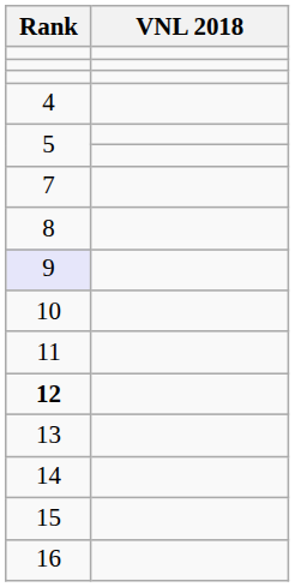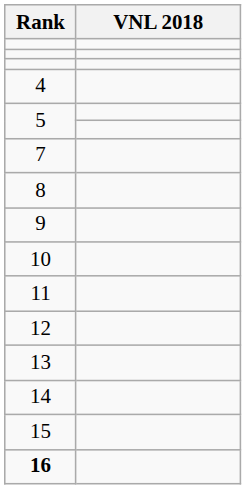 <table class="wikitable sortable" style="font-size:85%; text-align:center;">
 <tr>
 <th width=40>Rank</th>
 <th width=100>VNL 2018</th>
 </tr>
 <tr>
 <td></td>
 <td style="text-align:left;"></td>
 </tr>
 <tr>
 <td></td>
 <td style="text-align:left;"></td>
 </tr>
 <tr>
 <td></td>
 <td style="text-align:left;"></td>
 </tr>
 <tr>
 <td>4</td>
 <td style="text-align:left;"></td>
 </tr>
 <tr>
 <td rowspan=2>5</td>
 <td style="text-align:left;"></td>
 </tr>
 <tr>
 <td style="text-align:left;"></td>
 </tr>
 <tr>
 <td>7</td>
 <td style="text-align:left;"></td>
 </tr>
 <tr>
 <td>8</td>
 <td style="text-align:left;"></td>
 </tr>
 <tr>
-<td style="background: lavender;">9</td>
+<td>9</td>
 <td style="text-align:left;"></td>
 </tr>
 <tr>
 <td>10</td>
 <td style="text-align:left;"></td>
 </tr>
 <tr>
 <td>11</td>
 <td style="text-align:left;"></td>
 </tr>
 <tr>
-<td><strong>12</strong></td>
+<td>12</td>
 <td style="text-align:left;"></td>
 </tr>
 <tr>
 <td>13</td>
 <td style="text-align:left;"></td>
 </tr>
 <tr>
 <td>14</td>
 <td style="text-align:left;"></td>
 </tr>
 <tr>
 <td>15</td>
 <td style="text-align:left;"></td>
 </tr>
 <tr>
-<td>16</td>
+<td><strong>16</strong></td>
 <td style="text-align:left;"></td>
 </tr>
 </table>
